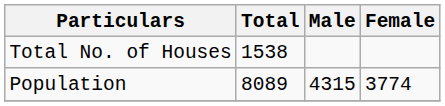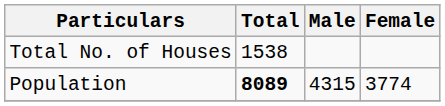 <table class="wikitable sortable">
 <tr>
 <th>Particulars</th>
 <th>Total</th>
 <th>Male</th>
 <th>Female</th>
 </tr>
 <tr>
 <td>Total No. of Houses</td>
 <td>1538</td>
 <td></td>
 <td></td>
 </tr>
 <tr>
 <td>Population</td>
-<td>8089</td>
+<td><strong>8089</strong></td>
 <td>4315</td>
 <td>3774</td>
 </tr>
 <tr>
 </tr>
 </table>
